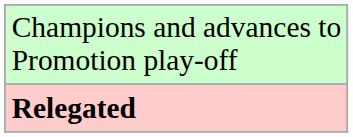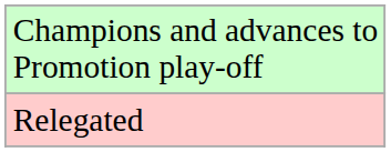 <table class="wikitable">
 <tr style="width:10px; background:#cfc;">
 <td>Champions and advances to<br>Promotion play-off</td>
 </tr>
 <tr style="width:10px; background:#fcc;">
-<td><strong>Relegated</strong></td>
+<td>Relegated</td>
 </tr>
 </table>
